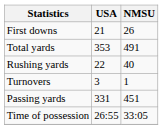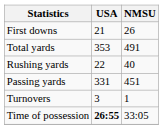 <table class="wikitable" style="float: left;">
 <tr>
 <th>Statistics</th>
 <th>USA</th>
 <th>NMSU</th>
 </tr>
 <tr>
 <td>First downs</td>
 <td>21</td>
 <td>26</td>
 </tr>
 <tr>
 <td>Total yards</td>
 <td>353</td>
 <td>491</td>
 </tr>
 <tr>
 <td>Rushing yards</td>
 <td>22</td>
 <td>40</td>
 </tr>
 <tr>
+<td>Passing yards</td>
+<td>331</td>
+<td>451</td>
+</tr>
+<tr>
 <td>Turnovers</td>
 <td>3</td>
 <td>1</td>
 </tr>
 <tr>
-<td>Passing yards</td>
-<td>331</td>
-<td>451</td>
-</tr>
-<tr>
 <td>Time of possession</td>
-<td>26:55</td>
+<td><strong>26:55</strong></td>
 <td>33:05</td>
 </tr>
 <tr>
 </tr>
 </table>
